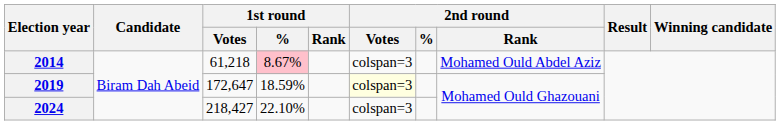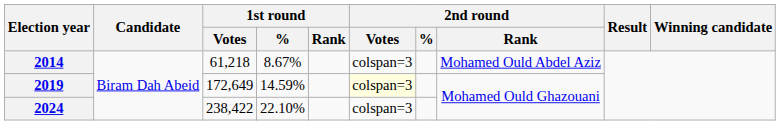 <table class="wikitable" style="text-align:center;">
 <tr>
 <th rowspan=2>Election year</th>
 <th rowspan=2>Candidate</th>
 <th colspan=3>1st round</th>
 <th colspan=3>2nd round</th>
 <th rowspan=2>Result</th>
 <th rowspan=2>Winning candidate</th>
 </tr>
 <tr>
 <th>Votes</th>
 <th>%</th>
 <th>Rank</th>
 <th>Votes</th>
 <th>%</th>
 <th>Rank</th>
 </tr>
 <tr>
 <th><a href='#'>2014</a></th>
 <td rowspan="3"><a href='#'>Biram Dah Abeid</a></td>
 <td>61,218</td>
-<td style="background: pink;">8.67%</td>
+<td>8.67%</td>
 <td></td>
 <td>colspan=3 </td>
 <td></td>
 <td><a href='#'>Mohamed Ould Abdel Aziz</a></td>
 </tr>
 <tr>
 <th><a href='#'>2019</a></th>
-<td>172,647</td>
-<td>18.59%</td>
+<td>172,649</td>
+<td>14.59%</td>
 <td></td>
 <td style="background: lightyellow;">colspan=3 </td>
 <td></td>
 <td rowspan=2><a href='#'>Mohamed Ould Ghazouani</a></td>
 </tr>
 <tr>
 <th><a href='#'>2024</a></th>
-<td>218,427</td>
+<td>238,422</td>
 <td>22.10%</td>
 <td></td>
 <td>colspan=3 </td>
 <td></td>
 </tr>
 </table>
